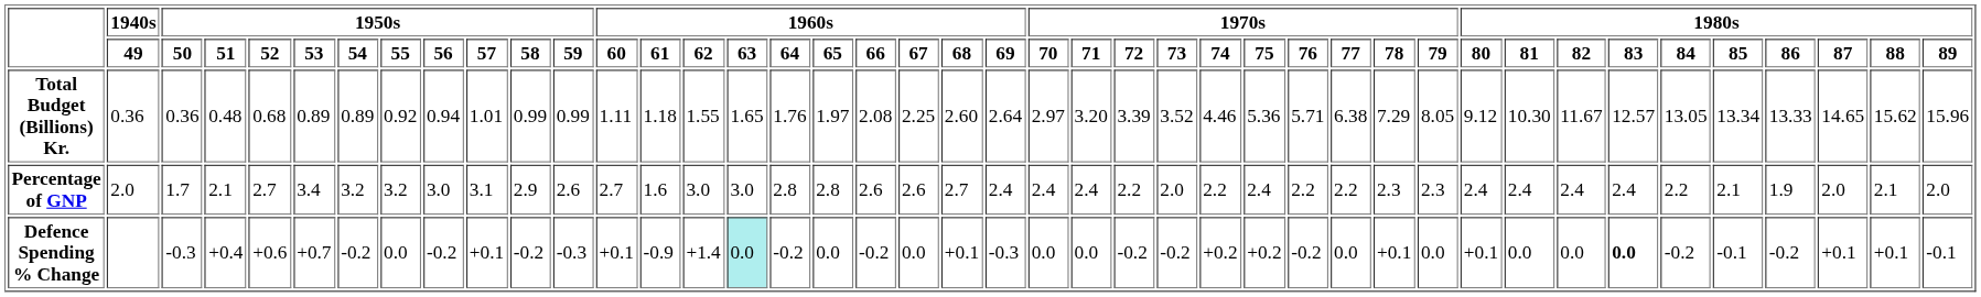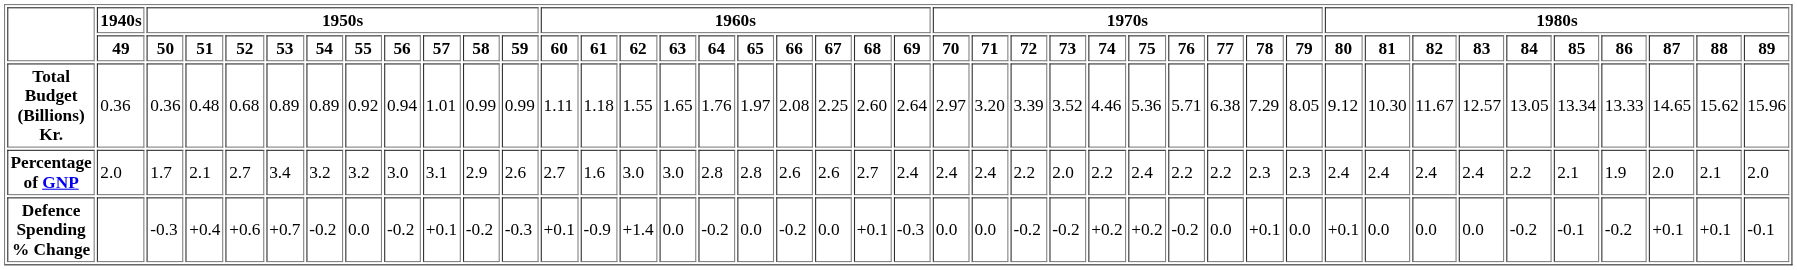 <table border="1" cellpadding="2" align="center">
 <tr>
 <th rowspan="2"></th>
 <th colspan="1">1940s</th>
 <th colspan="10">1950s</th>
 <th colspan="10">1960s</th>
 <th colspan="10">1970s</th>
 <th colspan="10">1980s</th>
 </tr>
 <tr>
 <th>49</th>
 <th>50</th>
 <th>51</th>
 <th>52</th>
 <th>53</th>
 <th>54</th>
 <th>55</th>
 <th>56</th>
 <th>57</th>
 <th>58</th>
 <th>59</th>
 <th>60</th>
 <th>61</th>
 <th>62</th>
 <th>63</th>
 <th>64</th>
 <th>65</th>
 <th>66</th>
 <th>67</th>
 <th>68</th>
 <th>69</th>
 <th>70</th>
 <th>71</th>
 <th>72</th>
 <th>73</th>
 <th>74</th>
 <th>75</th>
 <th>76</th>
 <th>77</th>
 <th>78</th>
 <th>79</th>
 <th>80</th>
 <th>81</th>
 <th>82</th>
 <th>83</th>
 <th>84</th>
 <th>85</th>
 <th>86</th>
 <th>87</th>
 <th>88</th>
 <th>89</th>
 </tr>
 <tr>
 <td align="center"><strong>Total Budget (Billions) Kr.</strong></td>
 <td>0.36</td>
 <td>0.36</td>
 <td>0.48</td>
 <td>0.68</td>
 <td>0.89</td>
 <td>0.89</td>
 <td>0.92</td>
 <td>0.94</td>
 <td>1.01</td>
 <td>0.99</td>
 <td>0.99</td>
 <td>1.11</td>
 <td>1.18</td>
 <td>1.55</td>
 <td>1.65</td>
 <td>1.76</td>
 <td>1.97</td>
 <td>2.08</td>
 <td>2.25</td>
 <td>2.60</td>
 <td>2.64</td>
 <td>2.97</td>
 <td>3.20</td>
 <td>3.39</td>
 <td>3.52</td>
 <td>4.46</td>
 <td>5.36</td>
 <td>5.71</td>
 <td>6.38</td>
 <td>7.29</td>
 <td>8.05</td>
 <td>9.12</td>
 <td>10.30</td>
 <td>11.67</td>
 <td>12.57</td>
 <td>13.05</td>
 <td>13.34</td>
 <td>13.33</td>
 <td>14.65</td>
 <td>15.62</td>
 <td>15.96</td>
 </tr>
 <tr>
 <td align="center"><strong>Percentage of <a href='#'>GNP</a></strong></td>
 <td>2.0</td>
 <td>1.7</td>
 <td>2.1</td>
 <td>2.7</td>
 <td>3.4</td>
 <td>3.2</td>
 <td>3.2</td>
 <td>3.0</td>
 <td>3.1</td>
 <td>2.9</td>
 <td>2.6</td>
 <td>2.7</td>
 <td>1.6</td>
 <td>3.0</td>
 <td>3.0</td>
 <td>2.8</td>
 <td>2.8</td>
 <td>2.6</td>
 <td>2.6</td>
 <td>2.7</td>
 <td>2.4</td>
 <td>2.4</td>
 <td>2.4</td>
 <td>2.2</td>
 <td>2.0</td>
 <td>2.2</td>
 <td>2.4</td>
 <td>2.2</td>
 <td>2.2</td>
 <td>2.3</td>
 <td>2.3</td>
 <td>2.4</td>
 <td>2.4</td>
 <td>2.4</td>
 <td>2.4</td>
 <td>2.2</td>
 <td>2.1</td>
 <td>1.9</td>
 <td>2.0</td>
 <td>2.1</td>
 <td>2.0</td>
 </tr>
 <tr>
 <td align="center"><strong>Defence Spending % Change</strong></td>
 <td></td>
 <td>-0.3</td>
 <td>+0.4</td>
 <td>+0.6</td>
 <td>+0.7</td>
 <td>-0.2</td>
 <td>0.0</td>
 <td>-0.2</td>
 <td>+0.1</td>
 <td>-0.2</td>
 <td>-0.3</td>
 <td>+0.1</td>
 <td>-0.9</td>
 <td>+1.4</td>
-<td style="background: paleturquoise;">0.0</td>
+<td>0.0</td>
 <td>-0.2</td>
 <td>0.0</td>
 <td>-0.2</td>
 <td>0.0</td>
 <td>+0.1</td>
 <td>-0.3</td>
 <td>0.0</td>
 <td>0.0</td>
 <td>-0.2</td>
 <td>-0.2</td>
 <td>+0.2</td>
 <td>+0.2</td>
 <td>-0.2</td>
 <td>0.0</td>
 <td>+0.1</td>
 <td>0.0</td>
 <td>+0.1</td>
 <td>0.0</td>
 <td>0.0</td>
-<td><strong>0.0</strong></td>
+<td>0.0</td>
 <td>-0.2</td>
 <td>-0.1</td>
 <td>-0.2</td>
 <td>+0.1</td>
 <td>+0.1</td>
 <td>-0.1</td>
 </tr>
 </table>
